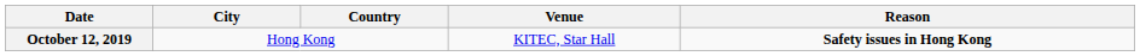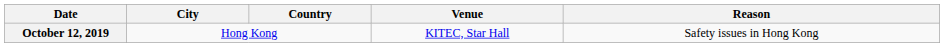 <table class="wikitable plainrowheaders" style="text-align: center;">
 <tr>
 <th scope="col" style="width:10em;">Date</th>
 <th scope="col" style="width:10em;">City</th>
 <th scope="col" style="width:10em;">Country</th>
 <th scope="col" style="width:16em;">Venue</th>
 <th scope="col" style="width:32em;">Reason</th>
 </tr>
 <tr>
 <th scope="row" style="text-align:center;">October 12, 2019</th>
 <td colspan="2"><a href='#'>Hong Kong</a></td>
 <td><a href='#'>KITEC, Star Hall</a></td>
-<td><strong>Safety issues in Hong Kong</strong></td>
+<td>Safety issues in Hong Kong</td>
 </tr>
 </table>
